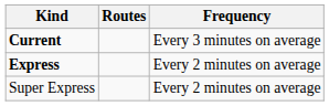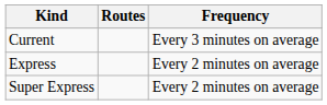 <table class="wikitable" style="margin-left: auto; margin-right: auto; border: none;">
 <tr>
 <th>Kind</th>
 <th>Routes</th>
 <th>Frequency</th>
 </tr>
 <tr>
-<td><strong>Current</strong></td>
+<td>Current</td>
 <td>  </td>
 <td>Every 3 minutes on average</td>
 </tr>
 <tr>
-<td><strong>Express</strong></td>
+<td>Express</td>
 <td> </td>
 <td>Every 2 minutes on average</td>
 </tr>
 <tr>
 <td>Super Express</td>
 <td></td>
 <td>Every 2 minutes on average</td>
 </tr>
 </table>
